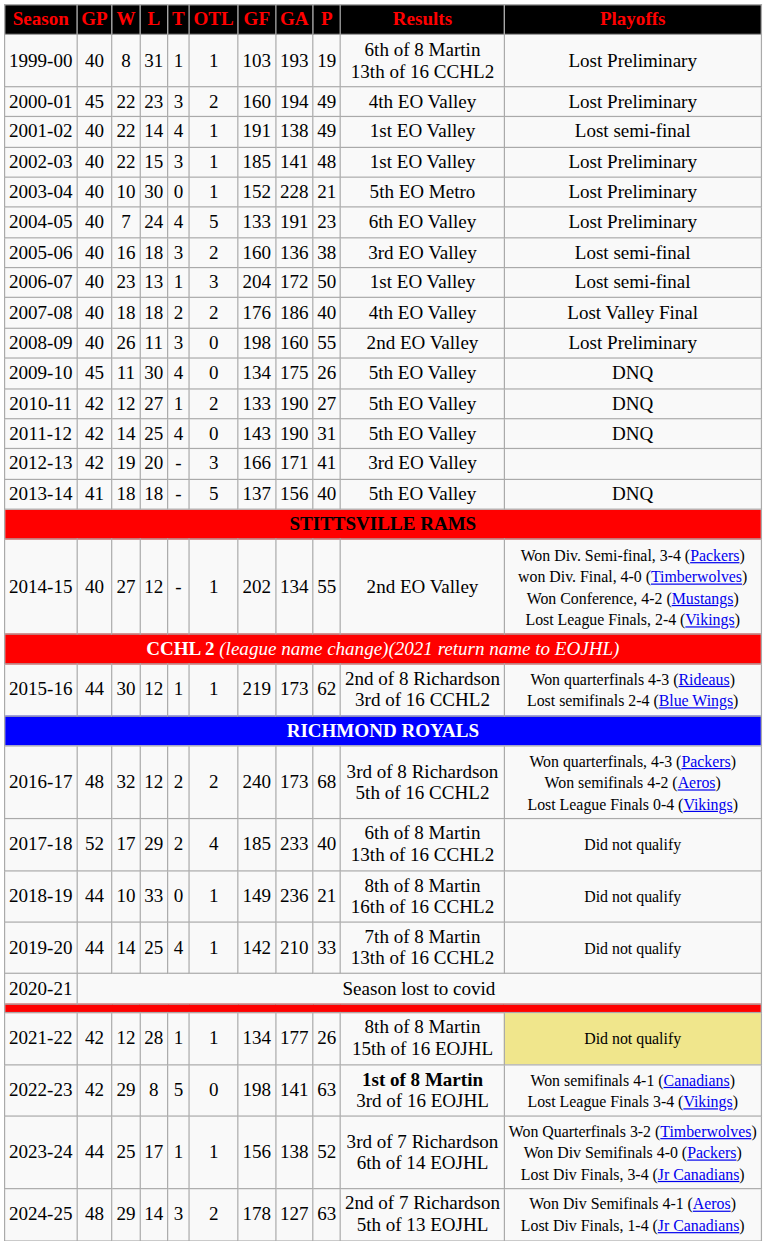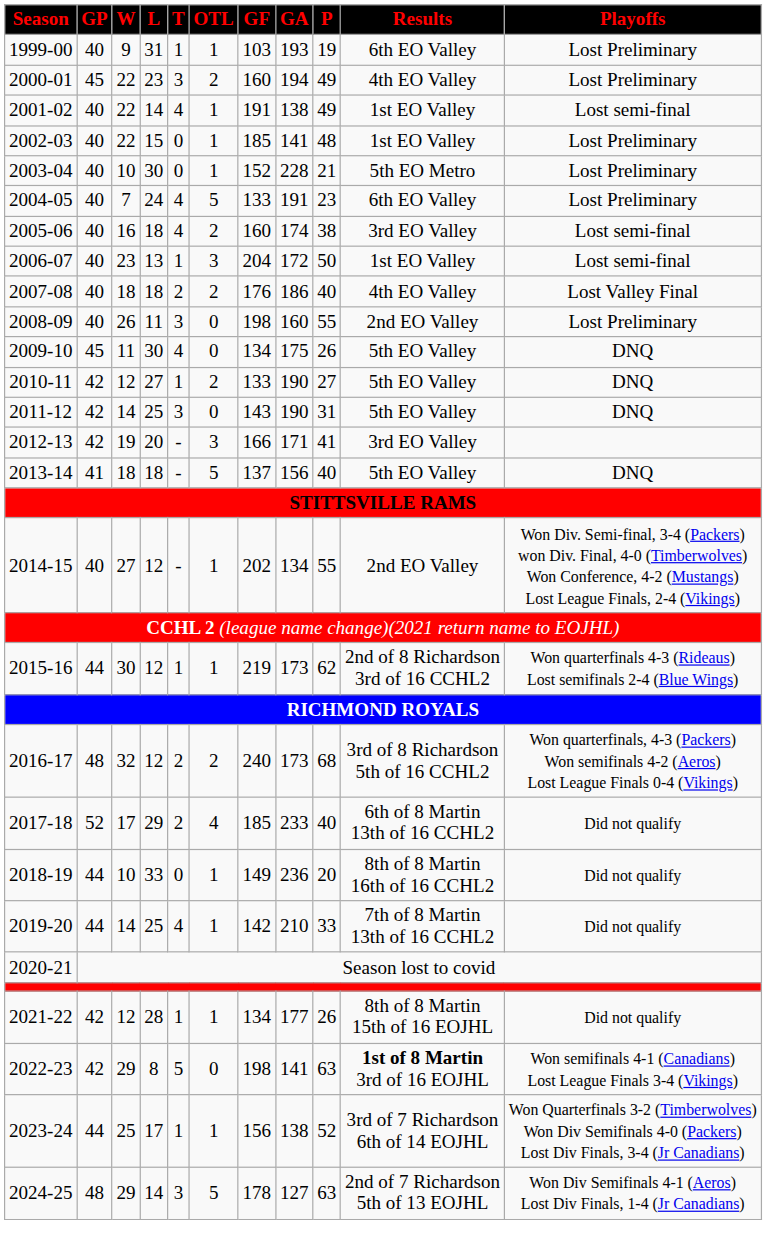 <table class="wikitable">
 <tr align="center" style="color: #FF0000 " bgcolor="#000000">
 <td><strong>Season</strong></td>
 <td><strong>GP</strong></td>
 <td><strong>W</strong></td>
 <td><strong>L</strong></td>
 <td><strong>T</strong></td>
 <td><strong>OTL</strong></td>
 <td><strong>GF</strong></td>
 <td><strong>GA</strong></td>
 <td><strong>P</strong></td>
 <td><strong>Results</strong></td>
 <td><strong>Playoffs</strong></td>
 </tr>
 <tr align="center">
 <td>1999-00</td>
 <td>40</td>
-<td>8</td>
+<td>9</td>
 <td>31</td>
 <td>1</td>
 <td>1</td>
 <td>103</td>
 <td>193</td>
 <td>19</td>
-<td>6th of 8 Martin<br>13th of 16 CCHL2</td>
+<td>6th EO Valley</td>
 <td>Lost Preliminary</td>
 </tr>
 <tr align="center">
 <td>2000-01</td>
 <td>45</td>
 <td>22</td>
 <td>23</td>
 <td>3</td>
 <td>2</td>
 <td>160</td>
 <td>194</td>
 <td>49</td>
 <td>4th EO Valley</td>
 <td>Lost Preliminary</td>
 </tr>
 <tr align="center">
 <td>2001-02</td>
 <td>40</td>
 <td>22</td>
 <td>14</td>
 <td>4</td>
 <td>1</td>
 <td>191</td>
 <td>138</td>
 <td>49</td>
 <td>1st EO Valley</td>
 <td>Lost semi-final</td>
 </tr>
 <tr align="center">
 <td>2002-03</td>
 <td>40</td>
 <td>22</td>
 <td>15</td>
-<td>3</td>
+<td>0</td>
 <td>1</td>
 <td>185</td>
 <td>141</td>
 <td>48</td>
 <td>1st EO Valley</td>
 <td>Lost Preliminary</td>
 </tr>
 <tr align="center">
 <td>2003-04</td>
 <td>40</td>
 <td>10</td>
 <td>30</td>
 <td>0</td>
 <td>1</td>
 <td>152</td>
 <td>228</td>
 <td>21</td>
 <td>5th EO Metro</td>
 <td>Lost Preliminary</td>
 </tr>
 <tr align="center">
 <td>2004-05</td>
 <td>40</td>
 <td>7</td>
 <td>24</td>
 <td>4</td>
 <td>5</td>
 <td>133</td>
 <td>191</td>
 <td>23</td>
 <td>6th EO Valley</td>
 <td>Lost Preliminary</td>
 </tr>
 <tr align="center">
 <td>2005-06</td>
 <td>40</td>
 <td>16</td>
 <td>18</td>
-<td>3</td>
+<td>4</td>
 <td>2</td>
 <td>160</td>
-<td>136</td>
+<td>174</td>
 <td>38</td>
 <td>3rd EO Valley</td>
 <td>Lost semi-final</td>
 </tr>
 <tr align="center">
 <td>2006-07</td>
 <td>40</td>
 <td>23</td>
 <td>13</td>
 <td>1</td>
 <td>3</td>
 <td>204</td>
 <td>172</td>
 <td>50</td>
 <td>1st EO Valley</td>
 <td>Lost semi-final</td>
 </tr>
 <tr align="center">
 <td>2007-08</td>
 <td>40</td>
 <td>18</td>
 <td>18</td>
 <td>2</td>
 <td>2</td>
 <td>176</td>
 <td>186</td>
 <td>40</td>
 <td>4th EO Valley</td>
 <td>Lost Valley Final</td>
 </tr>
 <tr align="center">
 <td>2008-09</td>
 <td>40</td>
 <td>26</td>
 <td>11</td>
 <td>3</td>
 <td>0</td>
 <td>198</td>
 <td>160</td>
 <td>55</td>
 <td>2nd EO Valley</td>
 <td>Lost Preliminary</td>
 </tr>
 <tr align="center">
 <td>2009-10</td>
 <td>45</td>
 <td>11</td>
 <td>30</td>
 <td>4</td>
 <td>0</td>
 <td>134</td>
 <td>175</td>
 <td>26</td>
 <td>5th EO Valley</td>
 <td>DNQ</td>
 </tr>
 <tr align="center">
 <td>2010-11</td>
 <td>42</td>
 <td>12</td>
 <td>27</td>
 <td>1</td>
 <td>2</td>
 <td>133</td>
 <td>190</td>
 <td>27</td>
 <td>5th EO Valley</td>
 <td>DNQ</td>
 </tr>
 <tr align="center">
 <td>2011-12</td>
 <td>42</td>
 <td>14</td>
 <td>25</td>
-<td>4</td>
+<td>3</td>
 <td>0</td>
 <td>143</td>
 <td>190</td>
 <td>31</td>
 <td>5th EO Valley</td>
 <td>DNQ</td>
 </tr>
 <tr align="center">
 <td>2012-13</td>
 <td>42</td>
 <td>19</td>
 <td>20</td>
 <td>-</td>
 <td>3</td>
 <td>166</td>
 <td>171</td>
 <td>41</td>
 <td>3rd EO Valley</td>
 <td></td>
 </tr>
 <tr align="center">
 <td>2013-14</td>
 <td>41</td>
 <td>18</td>
 <td>18</td>
 <td>-</td>
 <td>5</td>
 <td>137</td>
 <td>156</td>
 <td>40</td>
 <td>5th EO Valley</td>
 <td>DNQ</td>
 </tr>
 <tr align="center"  style="color: black"  bgcolor=red>
 <td colspan=11><strong>STITTSVILLE RAMS</strong></td>
 </tr>
 <tr align="center">
 <td>2014-15</td>
 <td>40</td>
 <td>27</td>
 <td>12</td>
 <td>-</td>
 <td>1</td>
 <td>202</td>
 <td>134</td>
 <td>55</td>
 <td>2nd EO Valley</td>
 <td><small>Won Div. Semi-final, 3-4 (<a href='#'>Packers</a>)<br>won Div. Final, 4-0 (<a href='#'>Timberwolves</a>)<br>Won Conference, 4-2 (<a href='#'>Mustangs</a>)<br>Lost League Finals, 2-4 (<a href='#'>Vikings</a>)</small></td>
 </tr>
 <tr align="center" bgcolor=red style="color: white">
 <td colspan="12"><strong>CCHL 2</strong>  <em>(league name change)(2021 return name to EOJHL)</em></td>
 </tr>
 <tr align="center">
 <td>2015-16</td>
 <td>44</td>
 <td>30</td>
 <td>12</td>
 <td>1</td>
 <td>1</td>
 <td>219</td>
 <td>173</td>
 <td>62</td>
 <td>2nd of 8 Richardson<br>3rd of 16 CCHL2</td>
 <td><small>Won quarterfinals 4-3 (<a href='#'>Rideaus</a>)<br>Lost semifinals 2-4 (<a href='#'>Blue Wings</a>)</small></td>
 </tr>
 <tr align="center"  style="color: white"  bgcolor=blue>
 <td colspan=11><strong>RICHMOND ROYALS</strong></td>
 </tr>
 <tr align="center">
 <td>2016-17</td>
 <td>48</td>
 <td>32</td>
 <td>12</td>
 <td>2</td>
 <td>2</td>
 <td>240</td>
 <td>173</td>
 <td>68</td>
 <td>3rd of 8 Richardson<br>5th of 16 CCHL2</td>
 <td><small>Won quarterfinals, 4-3 (<a href='#'>Packers</a>)<br>Won semifinals 4-2 (<a href='#'>Aeros</a>)<br>Lost League Finals 0-4 (<a href='#'>Vikings</a>)</small></td>
 </tr>
 <tr align="center">
 <td>2017-18</td>
 <td>52</td>
 <td>17</td>
 <td>29</td>
 <td>2</td>
 <td>4</td>
 <td>185</td>
 <td>233</td>
 <td>40</td>
 <td>6th of 8 Martin<br>13th of 16 CCHL2</td>
 <td><small>Did not qualify</small></td>
 </tr>
 <tr align="center">
 <td>2018-19</td>
 <td>44</td>
 <td>10</td>
 <td>33</td>
 <td>0</td>
 <td>1</td>
 <td>149</td>
 <td>236</td>
-<td>21</td>
+<td>20</td>
 <td>8th of 8 Martin<br>16th of 16 CCHL2</td>
 <td><small>Did not qualify</small></td>
 </tr>
 <tr align="center">
 <td>2019-20</td>
 <td>44</td>
 <td>14</td>
 <td>25</td>
 <td>4</td>
 <td>1</td>
 <td>142</td>
 <td>210</td>
 <td>33</td>
 <td>7th of 8 Martin<br>13th of 16 CCHL2</td>
 <td><small>Did not qualify</small></td>
 </tr>
 <tr align="center">
 <td>2020-21</td>
 <td colspan="10">Season lost to covid</td>
 </tr>
 <tr align="center" bgcolor=red style="color: white">
 <td colspan="12"></td>
 </tr>
 <tr align="center">
 <td>2021-22</td>
 <td>42</td>
 <td>12</td>
 <td>28</td>
 <td>1</td>
 <td>1</td>
 <td>134</td>
 <td>177</td>
 <td>26</td>
 <td>8th of 8 Martin<br>15th of 16 EOJHL</td>
-<td style="background: khaki;"><small>Did not qualify</small></td>
+<td><small>Did not qualify</small></td>
 </tr>
 <tr align="center">
 <td>2022-23</td>
 <td>42</td>
 <td>29</td>
 <td>8</td>
 <td>5</td>
 <td>0</td>
 <td>198</td>
 <td>141</td>
 <td>63</td>
 <td><strong>1st of 8 Martin</strong><br>3rd of 16 EOJHL</td>
 <td><small>Won semifinals 4-1 (<a href='#'>Canadians</a>)<br>Lost League Finals 3-4 (<a href='#'>Vikings</a>)</small></td>
 </tr>
 <tr align="center">
 <td>2023-24</td>
 <td>44</td>
 <td>25</td>
 <td>17</td>
 <td>1</td>
 <td>1</td>
 <td>156</td>
 <td>138</td>
 <td>52</td>
 <td>3rd of 7 Richardson<br>6th of 14 EOJHL</td>
 <td><small>Won Quarterfinals 3-2 (<a href='#'>Timberwolves</a>)<br>Won Div Semifinals 4-0 (<a href='#'>Packers</a>)<br>Lost Div Finals, 3-4 (<a href='#'>Jr Canadians</a>)</small></td>
 </tr>
 <tr align="center">
 <td>2024-25</td>
 <td>48</td>
 <td>29</td>
 <td>14</td>
 <td>3</td>
-<td>2</td>
+<td>5</td>
 <td>178</td>
 <td>127</td>
 <td>63</td>
 <td>2nd of 7 Richardson<br>5th of 13 EOJHL</td>
 <td><small>Won Div Semifinals 4-1 (<a href='#'>Aeros</a>)<br>Lost Div Finals, 1-4 (<a href='#'>Jr Canadians</a>)</small></td>
 </tr>
 </table>
